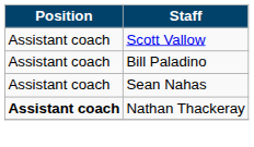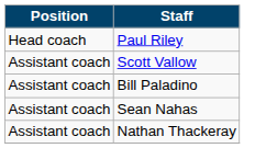 <table class="wikitable">
 <tr>
 <th style="background:#01426A; color:white;">Position</th>
 <th style="background:#01426A; color:white;">Staff</th>
+</tr>
+<tr>
+<td>Head coach</td>
+<td> <a href='#'>Paul Riley</a></td>
 </tr>
 <tr>
 <td>Assistant coach</td>
 <td> <a href='#'>Scott Vallow</a></td>
 </tr>
 <tr>
 <td>Assistant coach</td>
 <td> Bill Paladino</td>
 </tr>
 <tr>
 <td>Assistant coach</td>
 <td> Sean Nahas</td>
 </tr>
 <tr>
-<td><strong>Assistant coach</strong></td>
+<td>Assistant coach</td>
 <td> Nathan Thackeray</td>
 </tr>
 <tr>
 </tr>
 </table>
